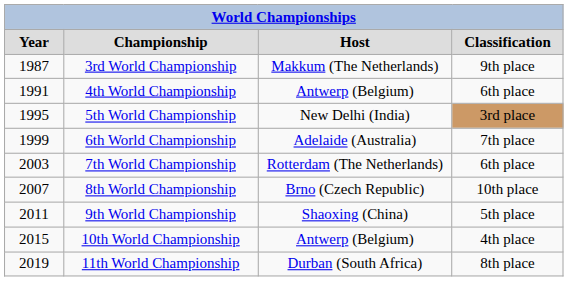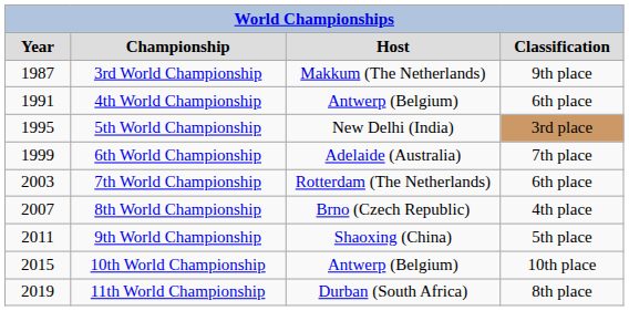 <table class="wikitable" style=font-size:90%>
 <tr align=center style="background:#B0C4DE;">
 <td colspan=4><strong><a href='#'>World Championships</a></strong></td>
 </tr>
 <tr align=center bgcolor="#dddddd">
 <td width=50><strong>Year</strong></td>
 <td width=180><strong>Championship</strong></td>
 <td width=180><strong>Host</strong></td>
 <td width=100><strong>Classification</strong></td>
 </tr>
 <tr align=center>
 <td>1987</td>
 <td><a href='#'>3rd World Championship</a></td>
 <td><a href='#'>Makkum</a> (The Netherlands)</td>
 <td align="center">9th place</td>
 </tr>
 <tr align=center>
 <td>1991</td>
 <td><a href='#'>4th World Championship</a></td>
 <td><a href='#'>Antwerp</a> (Belgium)</td>
 <td align="center">6th place</td>
 </tr>
 <tr align=center>
 <td>1995</td>
 <td><a href='#'>5th World Championship</a></td>
 <td>New Delhi (India)</td>
 <td bgcolor="#CC9966" align="center"> 3rd place</td>
 </tr>
 <tr align=center>
 <td>1999</td>
 <td><a href='#'>6th World Championship</a></td>
 <td><a href='#'>Adelaide</a> (Australia)</td>
 <td align="center">7th place</td>
 </tr>
 <tr align=center>
 <td>2003</td>
 <td><a href='#'>7th World Championship</a></td>
 <td><a href='#'>Rotterdam</a> (The Netherlands)</td>
 <td align="center">6th place</td>
 </tr>
 <tr align=center>
 <td>2007</td>
 <td><a href='#'>8th World Championship</a></td>
 <td><a href='#'>Brno</a> (Czech Republic)</td>
-<td align="center">10th place</td>
+<td align="center">4th place</td>
 </tr>
 <tr align=center>
 <td>2011</td>
 <td><a href='#'>9th World Championship</a></td>
 <td><a href='#'>Shaoxing</a> (China)</td>
 <td align="center">5th place</td>
 </tr>
 <tr align="center">
 <td>2015</td>
 <td><a href='#'>10th World Championship</a></td>
 <td><a href='#'>Antwerp</a> (Belgium)</td>
-<td align="center">4th place</td>
+<td align="center">10th place</td>
 </tr>
 <tr align="center">
 <td>2019</td>
 <td><a href='#'>11th World Championship</a></td>
 <td><a href='#'>Durban</a> (South Africa)</td>
 <td align="center">8th place</td>
 </tr>
 </table>
